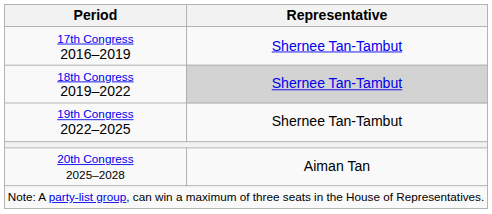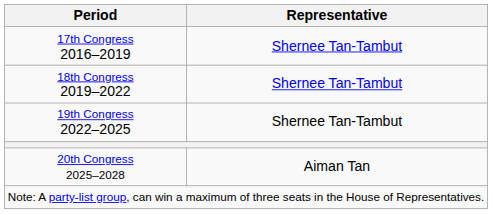 <table class="wikitable"; style="text-align:center">
 <tr>
 <th>Period</th>
 <th>Representative</th>
 </tr>
 <tr>
 <td><small><a href='#'>17th Congress</a></small><br>2016–2019</td>
 <td><a href='#'>Shernee Tan-Tambut</a></td>
 </tr>
 <tr>
 <td><small><a href='#'>18th Congress</a></small><br>2019–2022</td>
-<td style="background: lightgrey;"><a href='#'>Shernee Tan-Tambut</a></td>
+<td><a href='#'>Shernee Tan-Tambut</a></td>
 </tr>
 <tr>
 <td><small><a href='#'>19th Congress</a></small><br>2022–2025</td>
 <td>Shernee Tan-Tambut</td>
 </tr>
 <tr>
 <th colspan=2></th>
 </tr>
 <tr>
 <td><small><a href='#'>20th Congress</a><br>2025–2028</small><br></td>
 <td>Aiman Tan</td>
 </tr>
 <tr>
 <td colspan=2><small>Note: A <a href='#'>party-list group</a>, can win a maximum of three seats in the House of Representatives.</small></td>
 </tr>
 </table>
